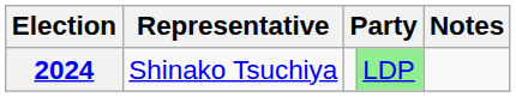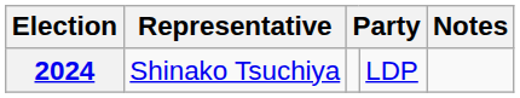 <table class=wikitable>
 <tr valign=bottom>
 <th>Election</th>
 <th>Representative</th>
 <th colspan=2>Party</th>
 <th>Notes</th>
 </tr>
 <tr>
 <th><a href='#'>2024</a></th>
 <td><a href='#'>Shinako Tsuchiya</a></td>
 <td bgcolor=></td>
-<td style="background: lightgreen;"><a href='#'>LDP</a></td>
+<td><a href='#'>LDP</a></td>
 <td></td>
 </tr>
 </table>
